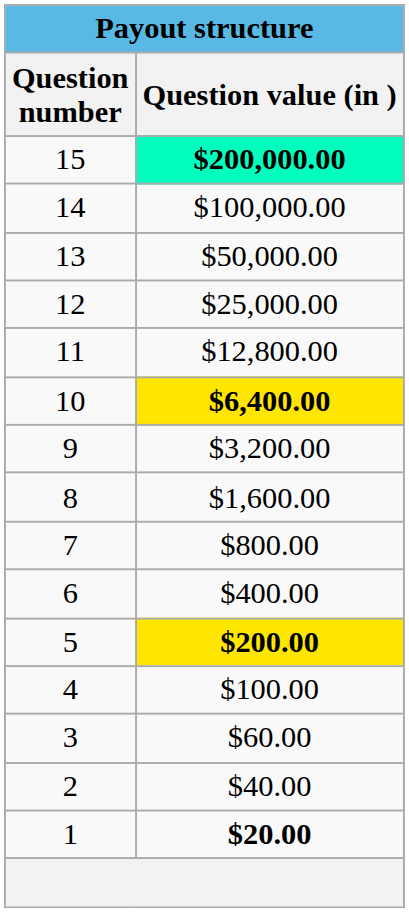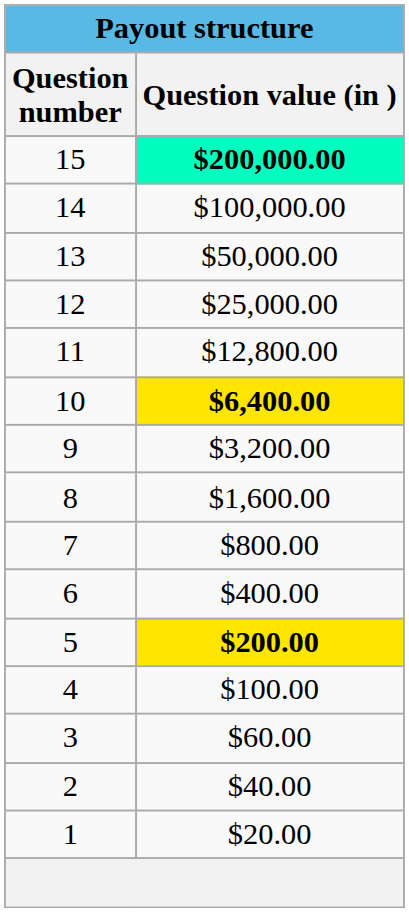 <table class="wikitable" style="text-align:center;">
 <tr>
 <th colspan="2" style="background: #58B9E4">Payout structure</th>
 </tr>
 <tr>
 <th>Question<br>number</th>
 <th>Question value (in )</th>
 </tr>
 <tr>
 <td>15</td>
 <td style="background: #00FFBF"><strong>$200,000.00</strong></td>
 </tr>
 <tr>
 <td>14</td>
 <td>$100,000.00</td>
 </tr>
 <tr>
 <td>13</td>
 <td>$50,000.00</td>
 </tr>
 <tr>
 <td>12</td>
 <td>$25,000.00</td>
 </tr>
 <tr>
 <td>11</td>
 <td>$12,800.00</td>
 </tr>
 <tr>
 <td>10</td>
 <td style="background: #FFE600"><strong>$6,400.00</strong></td>
 </tr>
 <tr>
 <td>9</td>
 <td>$3,200.00</td>
 </tr>
 <tr>
 <td>8</td>
 <td>$1,600.00</td>
 </tr>
 <tr>
 <td>7</td>
 <td>$800.00</td>
 </tr>
 <tr>
 <td>6</td>
 <td>$400.00</td>
 </tr>
 <tr>
 <td>5</td>
 <td style="background: #FFE600"><strong>$200.00</strong></td>
 </tr>
 <tr>
 <td>4</td>
 <td>$100.00</td>
 </tr>
 <tr>
 <td>3</td>
 <td>$60.00</td>
 </tr>
 <tr>
 <td>2</td>
 <td>$40.00</td>
 </tr>
 <tr>
 <td>1</td>
-<td><strong>$20.00</strong></td>
+<td>$20.00</td>
 </tr>
 <tr>
 <th colspan="2" style="text-align:left"><br></th>
 </tr>
 </table>
